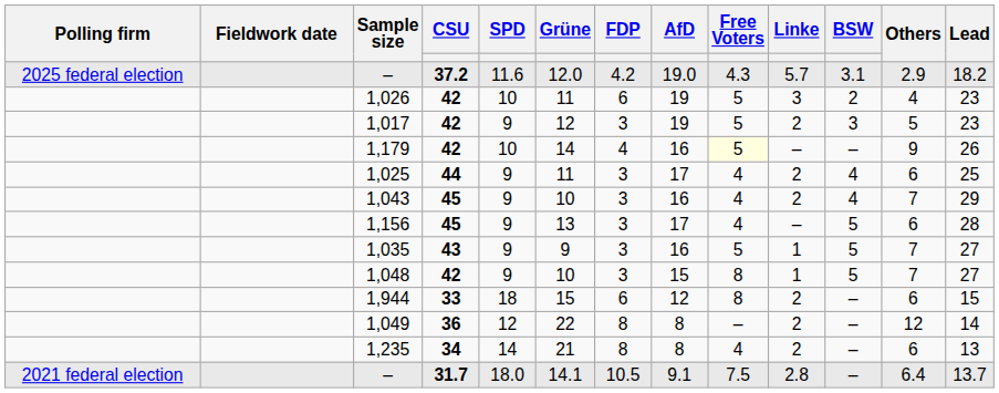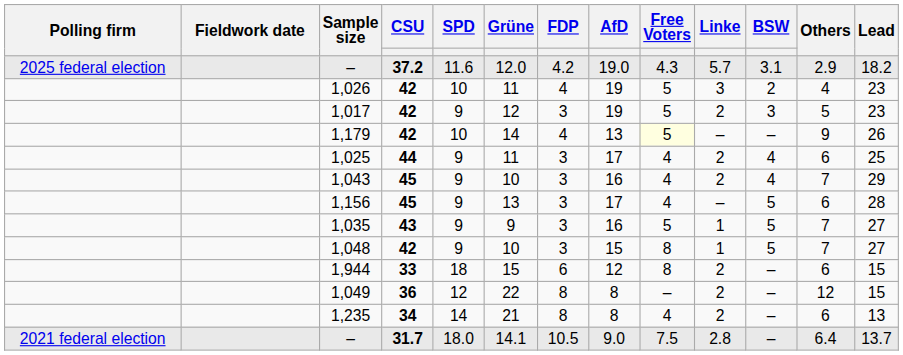 <table class="wikitable sortable mw-datatable" style="text-align:center;font-size:90%;line-height:14px;">
 <tr style="height:40px;">
 <th style="width:155px;" rowspan="2">Polling firm</th>
 <th style="width:120px;" rowspan="2">Fieldwork date</th>
 <th style="width: 35px;" rowspan="2">Sample<br>size</th>
 <th class="unsortable" style="width:40px;"><a href='#'>CSU</a></th>
 <th class="unsortable" style="width:40px;"><a href='#'>SPD</a></th>
 <th class="unsortable" style="width:40px;"><a href='#'>Grüne</a></th>
 <th class="unsortable" style="width:40px;"><a href='#'>FDP</a></th>
 <th class="unsortable" style="width:40px;"><a href='#'>AfD</a></th>
 <th class="unsortable" style="width:40px;"><a href='#'>Free Voters</a></th>
 <th class="unsortable" style="width:40px;"><a href='#'>Linke</a></th>
 <th class="unsortable" style="width:40px;"><a href='#'>BSW</a></th>
 <th class="unsortable" style="width:30px;" rowspan="2">Others</th>
 <th style="width:30px;" rowspan="2">Lead</th>
 </tr>
 <tr>
 <th style="background:"></th>
 <th style="background:"></th>
 <th style="background:"></th>
 <th style="background:"></th>
 <th style="background:"></th>
 <th style="background:"></th>
 <th style="background:"></th>
 <th style="background:"></th>
 </tr>
 <tr style="background:#E9E9E9;">
 <td><a href='#'>2025 federal election</a></td>
 <td></td>
 <td>–</td>
 <td><strong>37.2</strong></td>
 <td>11.6</td>
 <td>12.0</td>
 <td>4.2</td>
 <td>19.0</td>
 <td>4.3</td>
 <td>5.7</td>
 <td>3.1</td>
 <td>2.9</td>
 <td style="background:">18.2</td>
 </tr>
 <tr>
 <td></td>
 <td></td>
 <td>1,026</td>
 <td><strong>42</strong></td>
 <td>10</td>
 <td>11</td>
-<td>6</td>
+<td>4</td>
 <td>19</td>
 <td>5</td>
 <td>3</td>
 <td>2</td>
 <td>4</td>
 <td style="background:">23</td>
 </tr>
 <tr>
 <td></td>
 <td></td>
 <td>1,017</td>
 <td><strong>42</strong></td>
 <td>9</td>
 <td>12</td>
 <td>3</td>
 <td>19</td>
 <td>5</td>
 <td>2</td>
 <td>3</td>
 <td>5</td>
 <td style="background:">23</td>
 </tr>
 <tr>
 <td></td>
 <td></td>
 <td>1,179</td>
 <td><strong>42</strong></td>
 <td>10</td>
 <td>14</td>
 <td>4</td>
-<td>16</td>
+<td>13</td>
 <td style="background: lightyellow;">5</td>
 <td>–</td>
 <td>–</td>
 <td>9</td>
 <td style="background:">26</td>
 </tr>
 <tr>
 <td></td>
 <td></td>
 <td>1,025</td>
 <td><strong>44</strong></td>
 <td>9</td>
 <td>11</td>
 <td>3</td>
 <td>17</td>
 <td>4</td>
 <td>2</td>
 <td>4</td>
 <td>6</td>
 <td style="background:">25</td>
 </tr>
 <tr>
 <td></td>
 <td></td>
 <td>1,043</td>
 <td><strong>45</strong></td>
 <td>9</td>
 <td>10</td>
 <td>3</td>
 <td>16</td>
 <td>4</td>
 <td>2</td>
 <td>4</td>
 <td>7</td>
 <td style="background:">29</td>
 </tr>
 <tr>
 <td></td>
 <td></td>
 <td>1,156</td>
 <td><strong>45</strong></td>
 <td>9</td>
 <td>13</td>
 <td>3</td>
 <td>17</td>
 <td>4</td>
 <td>–</td>
 <td>5</td>
 <td>6</td>
 <td style="background:">28</td>
 </tr>
 <tr>
 <td></td>
 <td></td>
 <td>1,035</td>
 <td><strong>43</strong></td>
 <td>9</td>
 <td>9</td>
 <td>3</td>
 <td>16</td>
 <td>5</td>
 <td>1</td>
 <td>5</td>
 <td>7</td>
 <td style="background:">27</td>
 </tr>
 <tr>
 <td></td>
 <td></td>
 <td>1,048</td>
 <td><strong>42</strong></td>
 <td>9</td>
 <td>10</td>
 <td>3</td>
 <td>15</td>
 <td>8</td>
 <td>1</td>
 <td>5</td>
 <td>7</td>
 <td style="background:">27</td>
 </tr>
 <tr>
 <td></td>
 <td></td>
 <td>1,944</td>
 <td><strong>33</strong></td>
 <td>18</td>
 <td>15</td>
 <td>6</td>
 <td>12</td>
 <td>8</td>
 <td>2</td>
 <td>–</td>
 <td>6</td>
 <td style="background:">15</td>
 </tr>
 <tr>
 <td></td>
 <td></td>
 <td>1,049</td>
 <td><strong>36</strong></td>
 <td>12</td>
 <td>22</td>
 <td>8</td>
 <td>8</td>
 <td>–</td>
 <td>2</td>
 <td>–</td>
 <td>12</td>
-<td style="background:">14</td>
+<td style="background:">15</td>
 </tr>
 <tr>
 <td></td>
 <td></td>
 <td>1,235</td>
 <td><strong>34</strong></td>
 <td>14</td>
 <td>21</td>
 <td>8</td>
 <td>8</td>
 <td>4</td>
 <td>2</td>
 <td>–</td>
 <td>6</td>
 <td style="background:">13</td>
 </tr>
 <tr style="background:#E9E9E9;">
 <td><a href='#'>2021 federal election</a></td>
 <td></td>
 <td>–</td>
 <td><strong>31.7</strong></td>
 <td>18.0</td>
 <td>14.1</td>
 <td>10.5</td>
-<td>9.1</td>
+<td>9.0</td>
 <td>7.5</td>
 <td>2.8</td>
 <td>–</td>
 <td>6.4</td>
 <td style="background:">13.7</td>
 </tr>
 </table>
